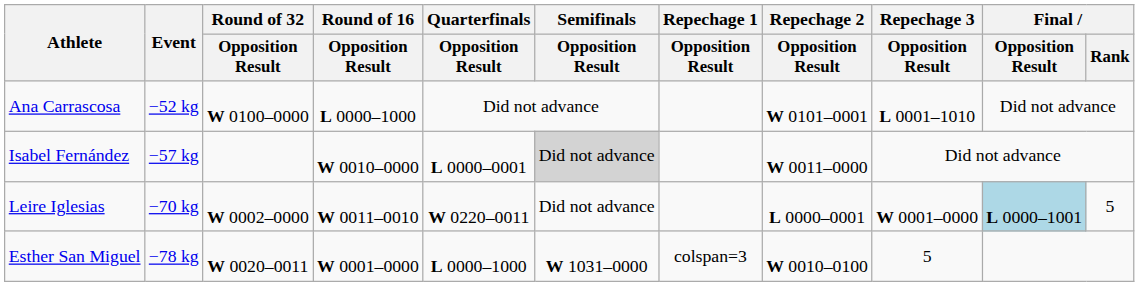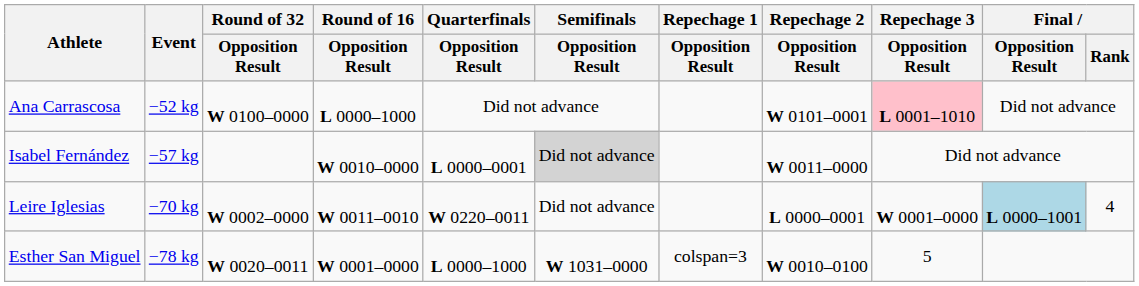 <table class="wikitable" style="font-size:90%">
 <tr>
 <th rowspan="2">Athlete</th>
 <th rowspan="2">Event</th>
 <th>Round of 32</th>
 <th>Round of 16</th>
 <th>Quarterfinals</th>
 <th>Semifinals</th>
 <th>Repechage 1</th>
 <th>Repechage 2</th>
 <th>Repechage 3</th>
 <th colspan=2>Final / </th>
 </tr>
 <tr style="font-size:95%">
 <th>Opposition<br>Result</th>
 <th>Opposition<br>Result</th>
 <th>Opposition<br>Result</th>
 <th>Opposition<br>Result</th>
 <th>Opposition<br>Result</th>
 <th>Opposition<br>Result</th>
 <th>Opposition<br>Result</th>
 <th>Opposition<br>Result</th>
 <th>Rank</th>
 </tr>
 <tr align=center>
 <td align=left><a href='#'>Ana Carrascosa</a></td>
 <td align=left><a href='#'>−52 kg</a></td>
 <td><br><strong>W</strong> 0100–0000</td>
 <td><br><strong>L</strong> 0000–1000</td>
 <td colspan=2>Did not advance</td>
 <td></td>
 <td><br><strong>W</strong> 0101–0001</td>
-<td><br><strong>L</strong> 0001–1010</td>
+<td style="background: pink;"><br><strong>L</strong> 0001–1010</td>
 <td colspan=2>Did not advance</td>
 </tr>
 <tr align=center>
 <td align=left><a href='#'>Isabel Fernández</a></td>
 <td align=left><a href='#'>−57 kg</a></td>
 <td></td>
 <td><br><strong>W</strong> 0010–0000</td>
 <td><br><strong>L</strong> 0000–0001</td>
 <td style="background: lightgrey;">Did not advance</td>
 <td></td>
 <td><br><strong>W</strong> 0011–0000</td>
 <td colspan=3>Did not advance</td>
 </tr>
 <tr align=center>
 <td align=left><a href='#'>Leire Iglesias</a></td>
 <td align=left><a href='#'>−70 kg</a></td>
 <td><br><strong>W</strong> 0002–0000</td>
 <td><br><strong>W</strong> 0011–0010</td>
 <td><br><strong>W</strong> 0220–0011</td>
 <td>Did not advance</td>
 <td></td>
 <td><br><strong>L</strong> 0000–0001</td>
 <td><br><strong>W</strong> 0001–0000</td>
 <td style="background: lightblue;"><br><strong>L</strong> 0000–1001</td>
-<td>5</td>
+<td>4</td>
 </tr>
 <tr align=center>
 <td align=left><a href='#'>Esther San Miguel</a></td>
 <td align=left><a href='#'>−78 kg</a></td>
 <td><br><strong>W</strong> 0020–0011</td>
 <td><br><strong>W</strong> 0001–0000</td>
 <td><br><strong>L</strong> 0000–1000</td>
 <td><br><strong>W</strong> 1031–0000</td>
 <td>colspan=3 </td>
 <td><br><strong>W</strong> 0010–0100</td>
 <td>5</td>
 </tr>
 </table>
